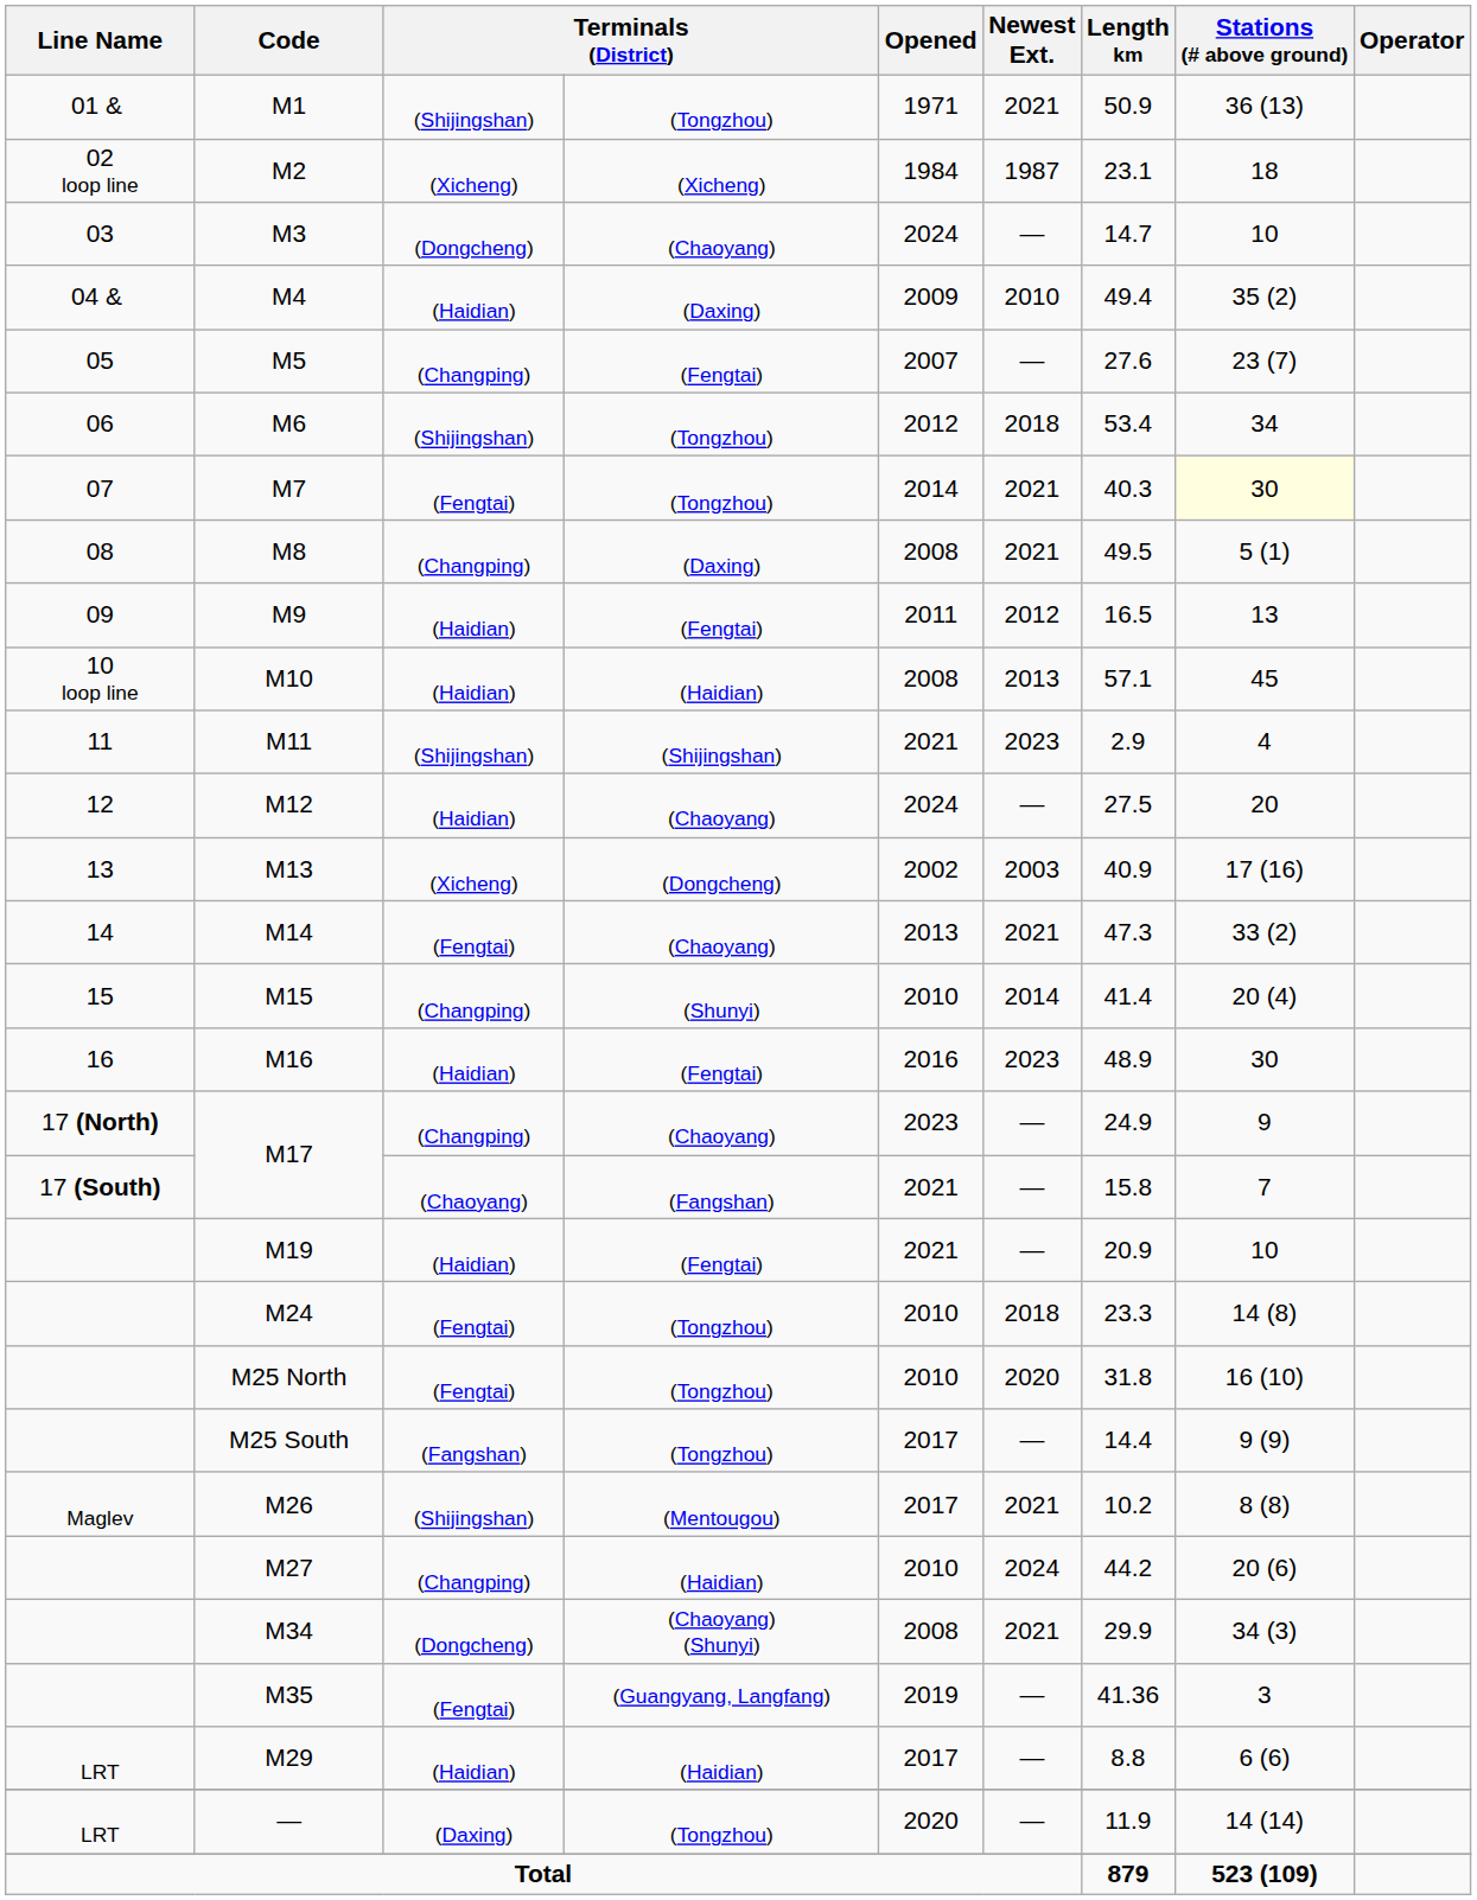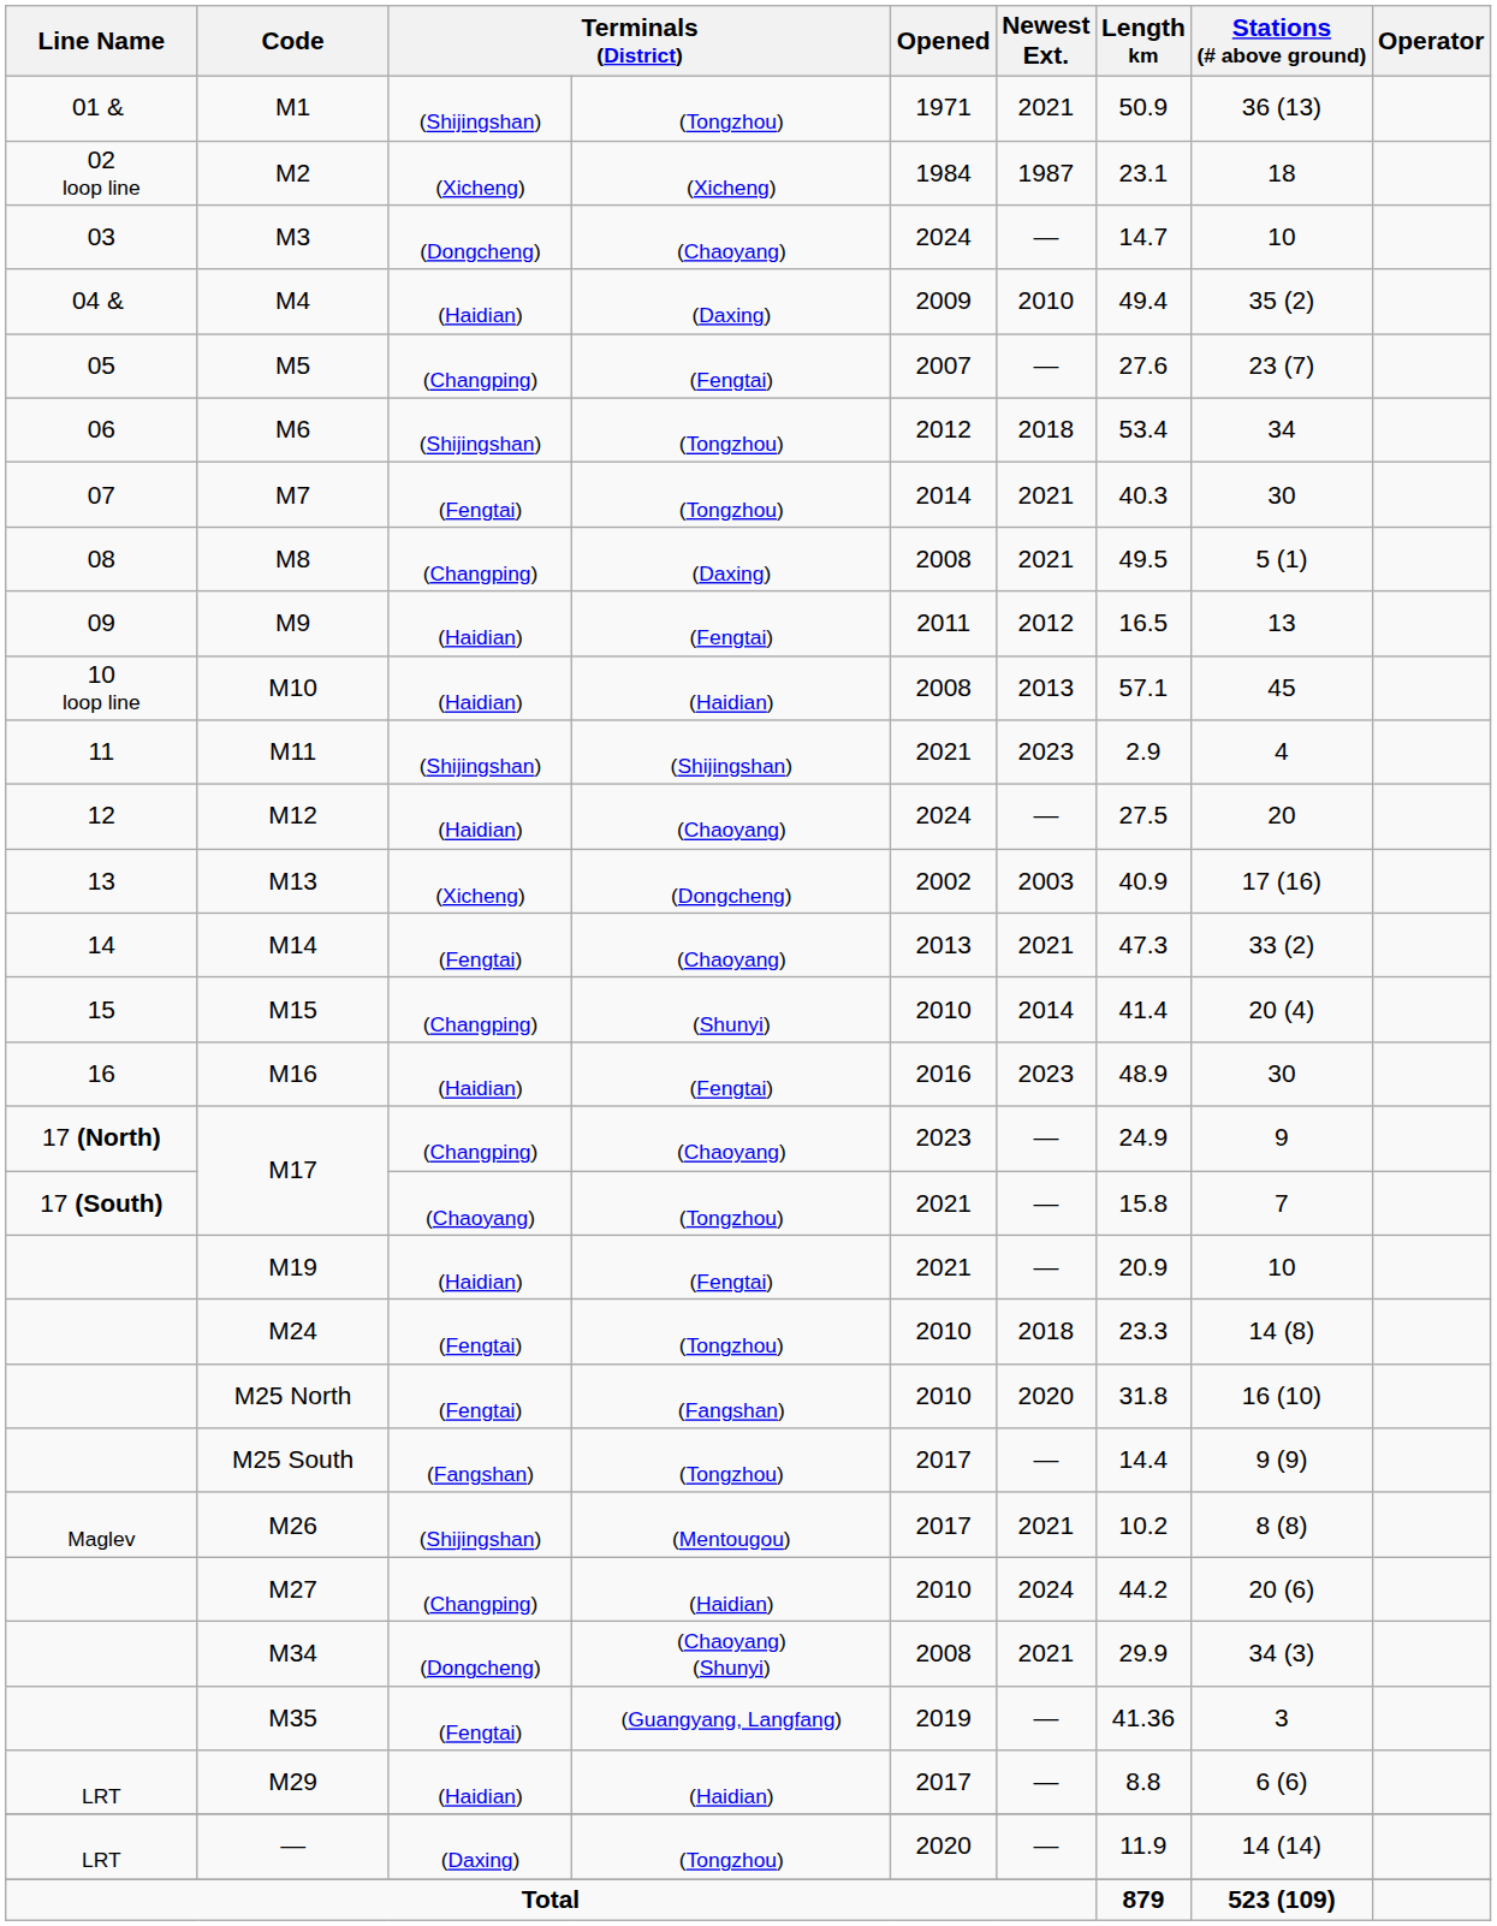 <table class="wikitable sortable" style="cell-padding:1.5;font-size:96%;text-align:center;">
 <tr>
 <th data-sort-type="text"style="width:110px;">Line Name</th>
 <th data-sort-type="text"style="width:110px;">Code</th>
 <th class="unsortable" colspan="2" style="width:300px; line-height:1.05">Terminals<br><small>(<a href='#'>District</a>)</small></th>
 <th>Opened<br></th>
 <th>Newest<br>Ext.</th>
 <th style="line-height:1.05">Length<br><small>km</small></th>
 <th data-sort-type=number style="line-height:1.05"><a href='#'>Stations</a><br><small>(# above ground)</small></th>
 <th>Operator</th>
 </tr>
 <tr style="text-align:center">
 <td><span>01</span> & </td>
 <td>M1</td>
 <td style="line-height:1.05"><strong></strong><small><br>(<a href='#'>Shijingshan</a>)</small></td>
 <td style="line-height:1.05"><strong></strong><small><br>(<a href='#'>Tongzhou</a>)</small></td>
 <td>1971</td>
 <td>2021</td>
 <td>50.9</td>
 <td>36 (13)</td>
 <td></td>
 </tr>
 <tr style="text-align:center">
 <td style="line-height:1.05"><span>02</span><br><small>loop line</small></td>
 <td>M2</td>
 <td style="line-height:1.05"><strong></strong><small><br>(<a href='#'>Xicheng</a>)</small></td>
 <td style="line-height:1.05"><strong></strong><small><br>(<a href='#'>Xicheng</a>)</small></td>
 <td>1984</td>
 <td>1987</td>
 <td>23.1</td>
 <td>18</td>
 <td></td>
 </tr>
 <tr style="text-align:center">
 <td style="line-height:1.05"><span>03</span><br></td>
 <td>M3</td>
 <td style="line-height:1.05"><strong></strong><small><br>(<a href='#'>Dongcheng</a>)</small></td>
 <td style="line-height:1.05"><strong></strong><small><br>(<a href='#'>Chaoyang</a>)</small></td>
 <td>2024</td>
 <td>—</td>
 <td>14.7</td>
 <td>10</td>
 <td></td>
 </tr>
 <tr style="text-align:center">
 <td><span>04</span> & </td>
 <td>M4</td>
 <td style="line-height:1.05"><strong></strong><small><br>(<a href='#'>Haidian</a>)</small></td>
 <td style="line-height:1.05"><strong></strong><small><br>(<a href='#'>Daxing</a>)</small></td>
 <td>2009</td>
 <td>2010</td>
 <td>49.4</td>
 <td>35 (2)</td>
 <td></td>
 </tr>
 <tr style="text-align:center">
 <td><span>05</span></td>
 <td>M5</td>
 <td style="line-height:1.05"><strong></strong><small><br>(<a href='#'>Changping</a>)</small></td>
 <td style="line-height:1.05"><strong></strong><small><br>(<a href='#'>Fengtai</a>)</small></td>
 <td>2007</td>
 <td>—</td>
 <td>27.6</td>
 <td>23 (7)</td>
 <td></td>
 </tr>
 <tr style="text-align:center">
 <td><span>06</span></td>
 <td>M6</td>
 <td style="line-height:1.05"><strong></strong><small><br>(<a href='#'>Shijingshan</a>)</small></td>
 <td style="line-height:1.05"><strong></strong><small><br>(<a href='#'>Tongzhou</a>)</small></td>
 <td>2012</td>
 <td>2018</td>
 <td>53.4</td>
 <td>34</td>
 <td></td>
 </tr>
 <tr style="text-align:center">
 <td><span>07</span></td>
 <td>M7</td>
 <td style="line-height:1.05"><strong></strong><small><br>(<a href='#'>Fengtai</a>)</small></td>
 <td style="line-height:1.05"><strong></strong><small><br>(<a href='#'>Tongzhou</a>)</small></td>
 <td>2014</td>
 <td>2021</td>
 <td>40.3</td>
-<td style="background: lightyellow;">30</td>
+<td>30</td>
 <td></td>
 </tr>
 <tr style="text-align:center">
 <td style="line-height:1.05"><span>08</span></td>
 <td>M8</td>
 <td style="line-height:1.05"><strong></strong><br><small>(<a href='#'>Changping</a>)</small></td>
 <td style="line-height:1.05"><strong></strong><small><br>(<a href='#'>Daxing</a>)</small></td>
 <td>2008</td>
 <td>2021</td>
 <td>49.5</td>
 <td>5 (1)</td>
 <td></td>
 </tr>
 <tr style="text-align:center">
 <td><span>09</span></td>
 <td>M9</td>
 <td style="line-height:1.05"><strong></strong><br><small>(<a href='#'>Haidian</a>)</small></td>
 <td style="line-height:1.05"><strong></strong><small><br>(<a href='#'>Fengtai</a>)</small></td>
 <td>2011</td>
 <td>2012</td>
 <td>16.5</td>
 <td>13</td>
 <td></td>
 </tr>
 <tr style="text-align:center">
 <td style="line-height:1.05"><span>10</span><br><small>loop line</small></td>
 <td>M10</td>
 <td style="line-height:1.05"><strong></strong><small><br>(<a href='#'>Haidian</a>)</small></td>
 <td style="line-height:1.05"><strong></strong><small><br>(<a href='#'>Haidian</a>)</small></td>
 <td>2008</td>
 <td>2013</td>
 <td>57.1</td>
 <td>45</td>
 <td></td>
 </tr>
 <tr style="text-align:center">
 <td style="line-height:1.05"><span>11</span><br></td>
 <td>M11</td>
 <td style="line-height:1.05"><strong></strong><small><br>(<a href='#'>Shijingshan</a>)</small></td>
 <td style="line-height:1.05"><strong></strong><small><br>(<a href='#'>Shijingshan</a>)</small></td>
 <td>2021</td>
 <td>2023</td>
 <td>2.9</td>
 <td>4</td>
 <td></td>
 </tr>
 <tr style="text-align:center">
 <td style="line-height:1.05"><span>12</span><br></td>
 <td>M12</td>
 <td style="line-height:1.05"><strong></strong><small><br>(<a href='#'>Haidian</a>)</small></td>
 <td style="line-height:1.05"><strong></strong><small><br>(<a href='#'>Chaoyang</a>)</small></td>
 <td>2024</td>
 <td>—</td>
 <td>27.5</td>
 <td>20</td>
 <td></td>
 </tr>
 <tr style="text-align:center">
 <td><span>13</span></td>
 <td>M13</td>
 <td style="line-height:1.05"><strong></strong><small><br>(<a href='#'>Xicheng</a>)</small></td>
 <td style="line-height:1.05"><strong></strong><small><br>(<a href='#'>Dongcheng</a>)</small></td>
 <td>2002</td>
 <td>2003</td>
 <td>40.9</td>
 <td>17 (16)</td>
 <td></td>
 </tr>
 <tr style="text-align:center">
 <td style="line-height:1.05"><span>14</span></td>
 <td>M14</td>
 <td style="line-height:1.05"><strong></strong><small><br>(<a href='#'>Fengtai</a>)</small></td>
 <td style="line-height:1.05"><strong></strong><small><br>(<a href='#'>Chaoyang</a>)</small></td>
 <td>2013</td>
 <td>2021</td>
 <td>47.3</td>
 <td>33 (2)</td>
 <td></td>
 </tr>
 <tr style="text-align:center">
 <td><span>15</span></td>
 <td>M15</td>
 <td style="line-height:1.05"><strong></strong><small><br>(<a href='#'>Changping</a>)</small></td>
 <td style="line-height:1.05"><strong></strong><small><br>(<a href='#'>Shunyi</a>)</small></td>
 <td>2010</td>
 <td>2014</td>
 <td>41.4</td>
 <td>20 (4)</td>
 <td></td>
 </tr>
 <tr style="text-align:center">
 <td><span>16</span></td>
 <td>M16</td>
 <td style="line-height:1.05"><strong></strong><small><br>(<a href='#'>Haidian</a>)</small></td>
 <td style="line-height:1.05"><strong></strong><small><br>(<a href='#'>Fengtai</a>)</small></td>
 <td>2016</td>
 <td>2023</td>
 <td>48.9</td>
 <td>30</td>
 <td></td>
 </tr>
 <tr style="text-align:center">
 <td><span>17</span> <strong>(North)</strong></td>
 <td rowspan="2">M17</td>
 <td style="line-height:1.05"><strong></strong><small><br>(<a href='#'>Changping</a>)</small></td>
 <td style="line-height:1.05"><strong></strong><small><br>(<a href='#'>Chaoyang</a>)</small></td>
 <td>2023</td>
 <td>—</td>
 <td>24.9</td>
 <td>9</td>
 <td></td>
 </tr>
 <tr style="text-align:center">
 <td><span>17</span> <strong>(South)</strong></td>
 <td style="line-height:1.05"><strong></strong><small><br>(<a href='#'>Chaoyang</a>)</small></td>
-<td style="line-height:1.05"><strong></strong><small><br>(<a href='#'>Fangshan</a>)</small></td>
+<td style="line-height:1.05"><strong></strong><small><br>(<a href='#'>Tongzhou</a>)</small></td>
 <td>2021</td>
 <td>—</td>
 <td>15.8</td>
 <td>7</td>
 <td></td>
 </tr>
 <tr style="text-align:center">
 <td></td>
 <td>M19</td>
 <td style="line-height:1.05"><strong></strong><small><br>(<a href='#'>Haidian</a>)</small></td>
 <td style="line-height:1.05"><strong></strong><small><br>(<a href='#'>Fengtai</a>)</small></td>
 <td>2021</td>
 <td>—</td>
 <td>20.9</td>
 <td>10</td>
 <td></td>
 </tr>
 <tr style="text-align:center">
 <td></td>
 <td>M24</td>
 <td style="line-height:1.05"><strong></strong><small><br>(<a href='#'>Fengtai</a>)</small></td>
 <td style="line-height:1.05"><strong></strong><small><br>(<a href='#'>Tongzhou</a>)</small></td>
 <td>2010</td>
 <td>2018</td>
 <td>23.3</td>
 <td>14 (8)</td>
 <td></td>
 </tr>
 <tr style="text-align:center">
 <td></td>
 <td>M25 North</td>
 <td style="line-height:1.05"><strong></strong><small><br>(<a href='#'>Fengtai</a>)</small></td>
-<td style="line-height:1.05"><strong></strong><small><br>(<a href='#'>Tongzhou</a>)</small></td>
+<td style="line-height:1.05"><strong></strong><small><br>(<a href='#'>Fangshan</a>)</small></td>
 <td>2010</td>
 <td>2020</td>
 <td>31.8</td>
 <td>16 (10)</td>
 <td></td>
 </tr>
 <tr style="text-align:center">
 <td></td>
 <td>M25 South</td>
 <td style="line-height:1.05"><strong></strong><small><br>(<a href='#'>Fangshan</a>)</small></td>
 <td style="line-height:1.05"><strong></strong><small><br>(<a href='#'>Tongzhou</a>)</small></td>
 <td>2017</td>
 <td>—</td>
 <td>14.4</td>
 <td>9 (9)</td>
 <td></td>
 </tr>
 <tr style="text-align:center;">
 <td style="line-height:1.05"><br><small>Maglev</small></td>
 <td>M26</td>
 <td style="line-height:1.05"><strong></strong><small><br>(<a href='#'>Shijingshan</a>)</small></td>
 <td style="line-height:1.05"><strong></strong><small><br>(<a href='#'>Mentougou</a>)</small></td>
 <td>2017</td>
 <td>2021</td>
 <td>10.2</td>
 <td>8 (8)</td>
 <td></td>
 </tr>
 <tr style="text-align:center">
 <td></td>
 <td>M27</td>
 <td style="line-height:1.05"><strong></strong><small><br>(<a href='#'>Changping</a>)</small></td>
 <td style="line-height:1.05"><strong></strong><small><br>(<a href='#'>Haidian</a>)</small></td>
 <td>2010</td>
 <td>2024</td>
 <td>44.2</td>
 <td>20 (6)</td>
 <td></td>
 </tr>
 <tr style="text-align:center;">
 <td></td>
 <td>M34</td>
 <td style="line-height:1.05"><strong></strong><small><br>(<a href='#'>Dongcheng</a>)</small></td>
 <td style="line-height:1.05"><strong></strong> <small>(<a href='#'>Chaoyang</a>)</small><br><strong></strong> <small>(<a href='#'>Shunyi</a>)</small></td>
 <td>2008</td>
 <td>2021</td>
 <td>29.9</td>
 <td>34 (3)</td>
 <td></td>
 </tr>
 <tr style="text-align:center;">
 <td></td>
 <td>M35</td>
 <td style="line-height:1.05"><strong></strong><small><br>(<a href='#'>Fengtai</a>)</small></td>
 <td style="line-height:1.05"><strong></strong> <small>(<a href='#'>Guangyang, Langfang</a>)</small><br></td>
 <td>2019</td>
 <td>—</td>
 <td>41.36</td>
 <td>3</td>
 <td></td>
 </tr>
 <tr style="text-align:center">
 <td style="line-height:1.05"><br><small>LRT</small></td>
 <td>M29</td>
 <td style="line-height:1.05"><strong></strong><small><br>(<a href='#'>Haidian</a>)</small></td>
 <td style="line-height:1.05"><strong></strong><small><br>(<a href='#'>Haidian</a>)</small></td>
 <td>2017</td>
 <td>—</td>
 <td>8.8</td>
 <td>6 (6)</td>
 <td></td>
 </tr>
 <tr>
 </tr>
 <tr style="text-align:center">
 <td style="line-height:1.05"><br><small>LRT</small></td>
 <td>—</td>
 <td style="line-height:1.05"><strong></strong><small><br>(<a href='#'>Daxing</a>)</small></td>
 <td style="line-height:1.05"><strong></strong><small><br>(<a href='#'>Tongzhou</a>)</small></td>
 <td>2020</td>
 <td>—</td>
 <td>11.9</td>
 <td>14 (14)</td>
 <td></td>
 </tr>
 <tr>
 </tr>
 <tr class="sortbottom">
 <td colspan=6><strong>Total</strong></td>
 <td><strong>879</strong></td>
 <td><strong>523 (109)</strong></td>
 <td></td>
 </tr>
 </table>
